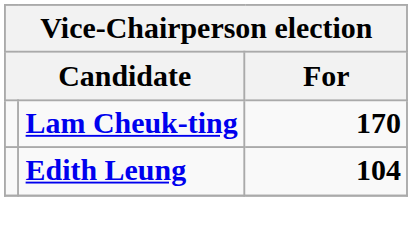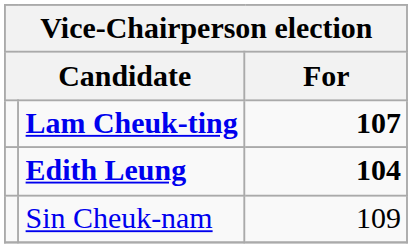 <table class="wikitable" style="text-align:right;">
 <tr>
 <th colspan="3">Vice-Chairperson election</th>
 </tr>
 <tr>
 <th colspan="2">Candidate</th>
 <th width="80px">For</th>
 </tr>
 <tr>
 <td></td>
 <td align="left"><strong><a href='#'>Lam Cheuk-ting</a></strong></td>
-<td><strong>170</strong></td>
+<td><strong>107</strong></td>
 </tr>
 <tr>
 <td></td>
 <td align="left"><strong><a href='#'>Edith Leung</a></strong></td>
 <td><strong>104</strong></td>
 </tr>
 <tr>
+<td></td>
+<td align="left"><a href='#'>Sin Cheuk-nam</a></td>
+<td>109</td>
+</tr>
+<tr>
 </tr>
 </table>
